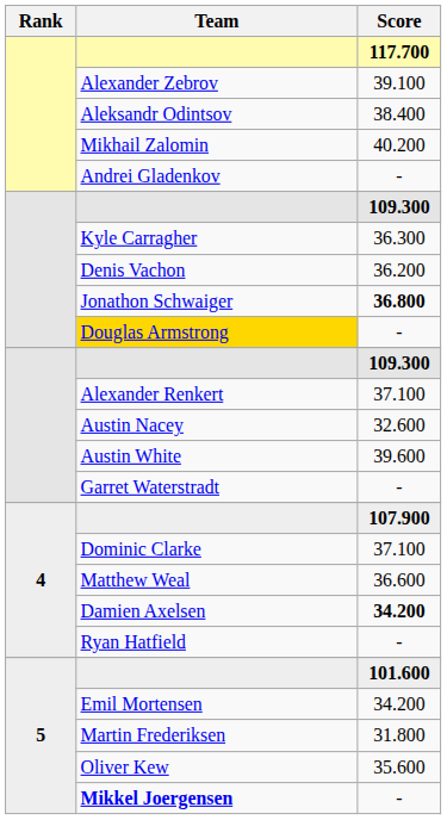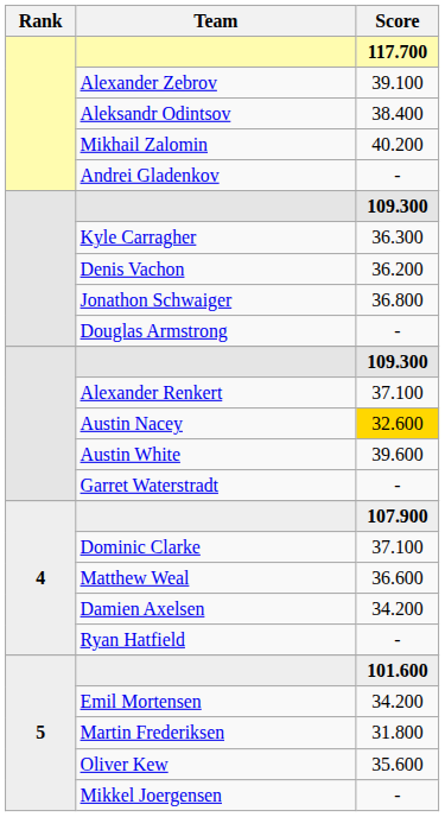 <table class="wikitable" style="text-align:center; font-size:95%">
 <tr>
 <th style="width:50px;">Rank</th>
 <th style="width:220px;">Team</th>
 <th style="width:60px;">Score</th>
 </tr>
 <tr style="background:#fffcaf;">
 <td rowspan=5></td>
 <td style="text-align:left;"><strong></strong></td>
 <td><strong>117.700</strong></td>
 </tr>
 <tr>
 <td style="text-align:left;"><a href='#'>Alexander Zebrov</a></td>
 <td>39.100</td>
 </tr>
 <tr>
 <td style="text-align:left;"><a href='#'>Aleksandr Odintsov</a></td>
 <td>38.400</td>
 </tr>
 <tr>
 <td style="text-align:left;"><a href='#'>Mikhail Zalomin</a></td>
 <td>40.200</td>
 </tr>
 <tr>
 <td style="text-align:left;"><a href='#'>Andrei Gladenkov</a></td>
 <td>-</td>
 </tr>
 <tr>
 </tr>
 <tr style="background:#e5e5e5;">
 <td rowspan=5></td>
 <td style="text-align:left;"><strong></strong></td>
 <td><strong>109.300</strong></td>
 </tr>
 <tr>
 <td style="text-align:left;"><a href='#'>Kyle Carragher</a></td>
 <td>36.300</td>
 </tr>
 <tr>
 <td style="text-align:left;"><a href='#'>Denis Vachon</a></td>
 <td>36.200</td>
 </tr>
 <tr>
 <td style="text-align:left;"><a href='#'>Jonathon Schwaiger</a></td>
-<td><strong>36.800</strong></td>
+<td>36.800</td>
 </tr>
 <tr>
-<td style="background: gold; text-align:left;"><a href='#'>Douglas Armstrong</a></td>
+<td style="text-align:left;"><a href='#'>Douglas Armstrong</a></td>
 <td>-</td>
 </tr>
 <tr>
 </tr>
 <tr style="background:#e5e5e5;">
 <td rowspan=5></td>
 <td style="text-align:left;"><strong></strong></td>
 <td><strong>109.300</strong></td>
 </tr>
 <tr>
 <td style="text-align:left;"><a href='#'>Alexander Renkert</a></td>
 <td>37.100</td>
 </tr>
 <tr>
 <td style="text-align:left;"><a href='#'>Austin Nacey</a></td>
-<td>32.600</td>
+<td style="background: gold;">32.600</td>
 </tr>
 <tr>
 <td style="text-align:left;"><a href='#'>Austin White</a></td>
 <td>39.600</td>
 </tr>
 <tr>
 <td style="text-align:left;"><a href='#'>Garret Waterstradt</a></td>
 <td>-</td>
 </tr>
 <tr>
 </tr>
 <tr style="background:#eee;">
 <td rowspan=5><strong>4</strong></td>
 <td style="text-align:left;"><strong></strong></td>
 <td><strong>107.900</strong></td>
 </tr>
 <tr>
 <td style="text-align:left;"><a href='#'>Dominic Clarke</a></td>
 <td>37.100</td>
 </tr>
 <tr>
 <td style="text-align:left;"><a href='#'>Matthew Weal</a></td>
 <td>36.600</td>
 </tr>
 <tr>
 <td style="text-align:left;"><a href='#'>Damien Axelsen</a></td>
-<td><strong>34.200</strong></td>
+<td>34.200</td>
 </tr>
 <tr>
 <td style="text-align:left;"><a href='#'>Ryan Hatfield</a></td>
 <td>-</td>
 </tr>
 <tr>
 </tr>
 <tr style="background:#eee;">
 <td rowspan=5><strong>5</strong></td>
 <td style="text-align:left;"><strong></strong></td>
 <td><strong>101.600</strong></td>
 </tr>
 <tr>
 <td style="text-align:left;"><a href='#'>Emil Mortensen</a></td>
 <td>34.200</td>
 </tr>
 <tr>
 <td style="text-align:left;"><a href='#'>Martin Frederiksen</a></td>
 <td>31.800</td>
 </tr>
 <tr>
 <td style="text-align:left;"><a href='#'>Oliver Kew</a></td>
 <td>35.600</td>
 </tr>
 <tr>
-<td style="text-align:left;"><strong><a href='#'>Mikkel Joergensen</a></strong></td>
+<td style="text-align:left;"><a href='#'>Mikkel Joergensen</a></td>
 <td>-</td>
 </tr>
 </table>
